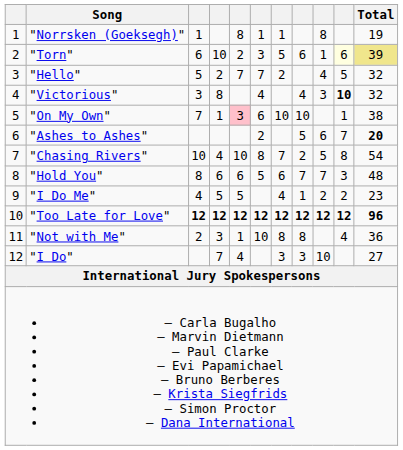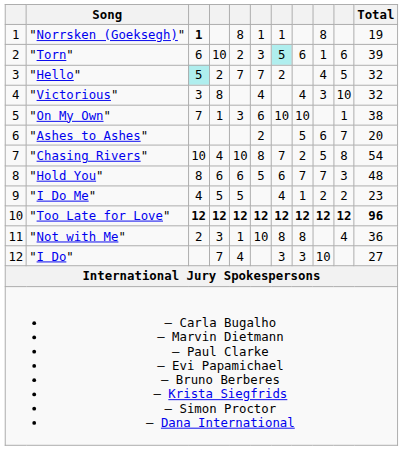 <table class="sortable wikitable" style="margin: 1em auto 1em auto; text-align:center;">
 <tr>
 <th></th>
 <th>Song</th>
 <th></th>
 <th></th>
 <th></th>
 <th></th>
 <th></th>
 <th></th>
 <th></th>
 <th></th>
 <th>Total</th>
 </tr>
 <tr>
 <td>1</td>
 <td>"<a href='#'>Norrsken (Goeksegh)</a>"</td>
-<td>1</td>
+<td><strong>1</strong></td>
 <td></td>
 <td>8</td>
 <td>1</td>
 <td>1</td>
 <td></td>
 <td>8</td>
 <td></td>
 <td>19</td>
 </tr>
 <tr>
 <td>2</td>
 <td align="left">"<a href='#'>Torn</a>"</td>
 <td>6</td>
 <td>10</td>
 <td>2</td>
 <td>3</td>
-<td>5</td>
+<td style="background: paleturquoise;">5</td>
 <td>6</td>
 <td>1</td>
-<td style="background: lightyellow;">6</td>
-<td style="background: khaki;">39</td>
+<td>6</td>
+<td>39</td>
 </tr>
 <tr>
 <td>3</td>
 <td align="left">"<a href='#'>Hello</a>"</td>
-<td>5</td>
+<td style="background: paleturquoise;">5</td>
 <td>2</td>
 <td>7</td>
 <td>7</td>
 <td>2</td>
 <td></td>
 <td>4</td>
 <td>5</td>
 <td>32</td>
 </tr>
 <tr>
 <td>4</td>
 <td align="left">"<a href='#'>Victorious</a>"</td>
 <td>3</td>
 <td>8</td>
 <td></td>
 <td>4</td>
 <td></td>
 <td>4</td>
 <td>3</td>
-<td><strong>10</strong></td>
+<td>10</td>
 <td>32</td>
 </tr>
 <tr>
 <td>5</td>
 <td align="left">"<a href='#'>On My Own</a>"</td>
 <td>7</td>
 <td>1</td>
-<td style="background: pink;">3</td>
+<td>3</td>
 <td>6</td>
 <td>10</td>
 <td>10</td>
 <td></td>
 <td>1</td>
 <td>38</td>
 </tr>
 <tr>
 <td>6</td>
 <td align="left">"<a href='#'>Ashes to Ashes</a>"</td>
 <td></td>
 <td></td>
 <td></td>
 <td>2</td>
 <td></td>
 <td>5</td>
 <td>6</td>
 <td>7</td>
-<td><strong>20</strong></td>
+<td>20</td>
 </tr>
 <tr>
 <td>7</td>
 <td align="left">"<a href='#'>Chasing Rivers</a>"</td>
 <td>10</td>
 <td>4</td>
 <td>10</td>
 <td>8</td>
 <td>7</td>
 <td>2</td>
 <td>5</td>
 <td>8</td>
 <td>54</td>
 </tr>
 <tr>
 <td>8</td>
 <td align="left">"<a href='#'>Hold You</a>"</td>
 <td>8</td>
 <td>6</td>
 <td>6</td>
 <td>5</td>
 <td>6</td>
 <td>7</td>
 <td>7</td>
 <td>3</td>
 <td>48</td>
 </tr>
 <tr>
 <td>9</td>
 <td align="left">"<a href='#'>I Do Me</a>"</td>
 <td>4</td>
 <td>5</td>
 <td>5</td>
 <td></td>
 <td>4</td>
 <td>1</td>
 <td>2</td>
 <td>2</td>
 <td>23</td>
 </tr>
 <tr>
 <td>10</td>
 <td align="left">"<a href='#'>Too Late for Love</a>"</td>
 <td><strong>12</strong></td>
 <td><strong>12</strong></td>
 <td><strong>12</strong></td>
 <td><strong>12</strong></td>
 <td><strong>12</strong></td>
 <td><strong>12</strong></td>
 <td><strong>12</strong></td>
 <td><strong>12</strong></td>
 <td><strong>96</strong></td>
 </tr>
 <tr>
 <td>11</td>
 <td align="left">"<a href='#'>Not with Me</a>"</td>
 <td>2</td>
 <td>3</td>
 <td>1</td>
 <td>10</td>
 <td>8</td>
 <td>8</td>
 <td></td>
 <td>4</td>
 <td>36</td>
 </tr>
 <tr>
 <td>12</td>
 <td align="left">"<a href='#'>I Do</a>"</td>
 <td></td>
 <td>7</td>
 <td>4</td>
 <td></td>
 <td>3</td>
 <td>3</td>
 <td>10</td>
 <td></td>
 <td>27</td>
 </tr>
 <tr class="sortbottom">
 <th colspan="11">International Jury Spokespersons</th>
 </tr>
 <tr class="sortbottom">
 <td colspan="11"><br><ul><li> – Carla Bugalho</li><li> – Marvin Dietmann</li><li> – Paul Clarke</li><li> – Evi Papamichael</li><li> – Bruno Berberes</li><li> – <a href='#'>Krista Siegfrids</a></li><li> – Simon Proctor</li><li> – <a href='#'>Dana International</a></li></ul></td>
 </tr>
 </table>
